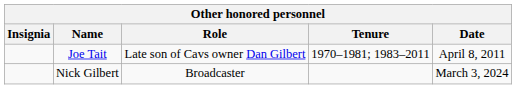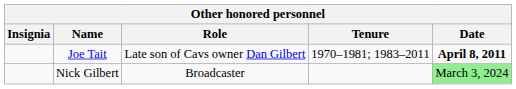 <table class="wikitable" style="text-align:center">
 <tr>
 <th colspan="5">Other honored personnel</th>
 </tr>
 <tr>
 <th>Insignia</th>
 <th>Name</th>
 <th>Role</th>
 <th>Tenure</th>
 <th>Date</th>
 </tr>
 <tr>
 <td></td>
 <td><a href='#'>Joe Tait</a></td>
 <td>Late son of Cavs owner <a href='#'>Dan Gilbert</a></td>
 <td>1970–1981; 1983–2011</td>
-<td>April 8, 2011</td>
+<td><strong>April 8, 2011</strong></td>
 </tr>
 <tr>
 <td></td>
 <td>Nick Gilbert</td>
 <td>Broadcaster</td>
 <td></td>
-<td>March 3, 2024</td>
+<td style="background: lightgreen;">March 3, 2024</td>
 </tr>
 </table>
